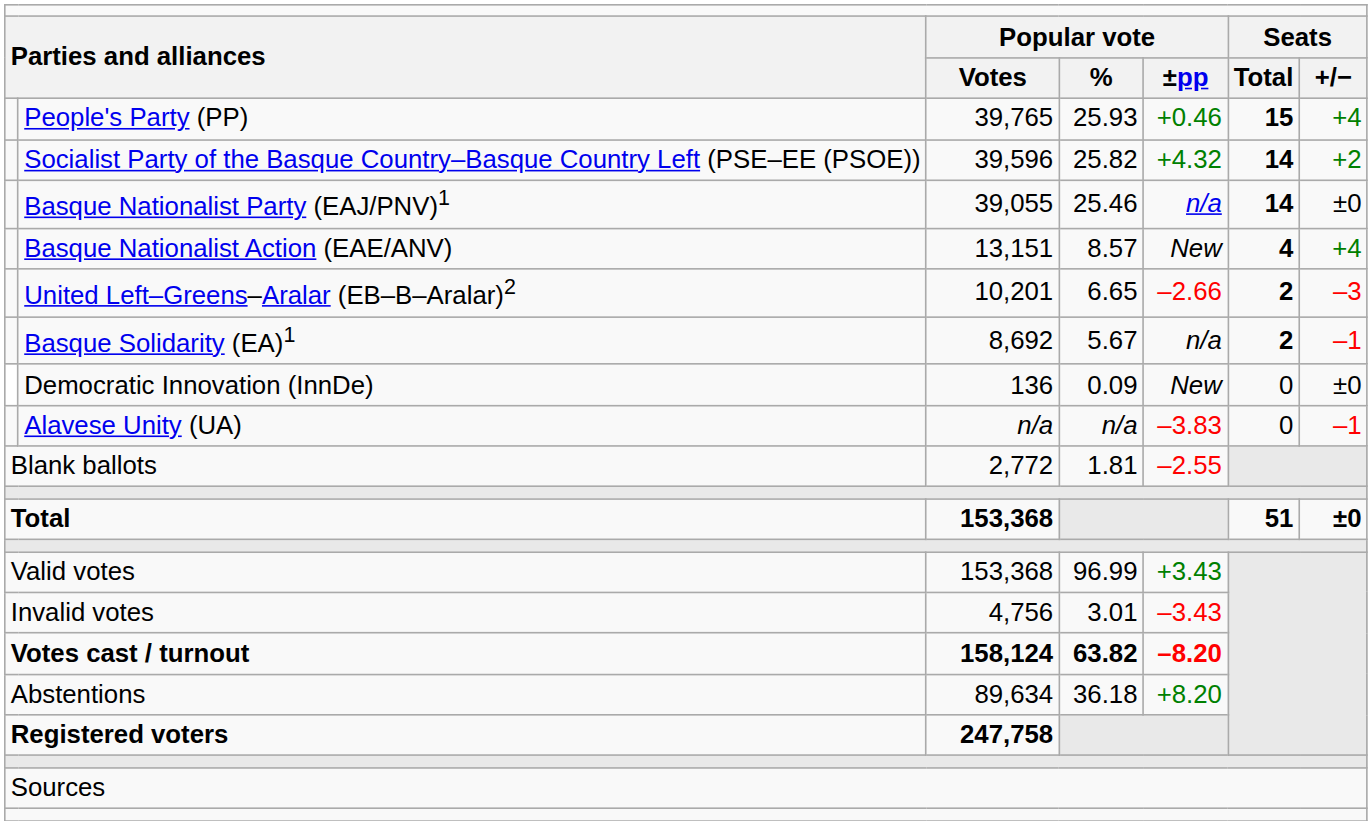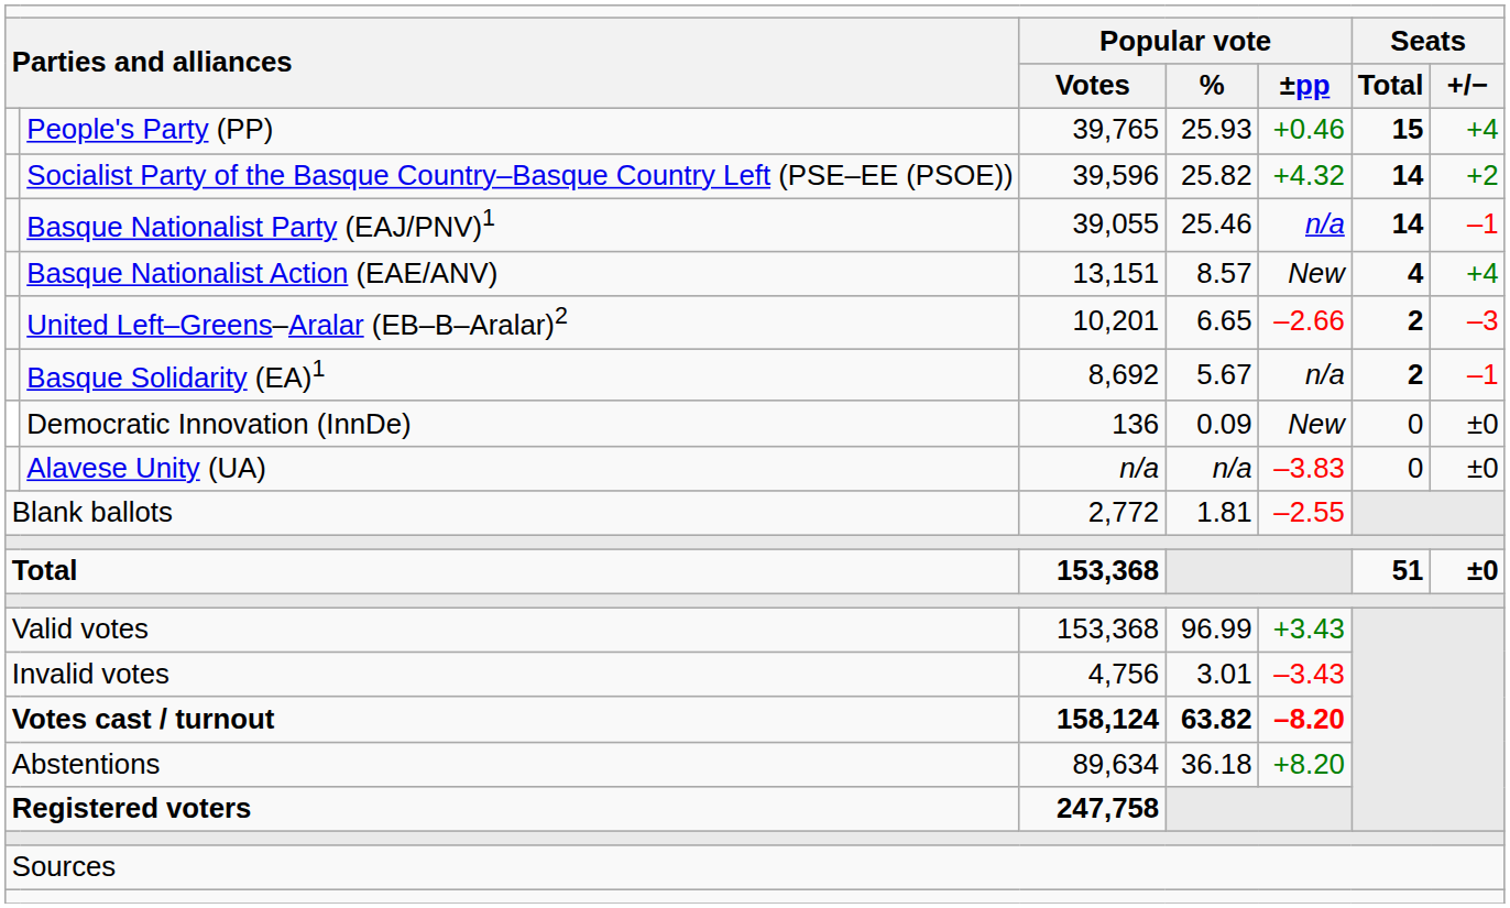 <table class="wikitable" style="text-align:right;">
 <tr>
 <td colspan="7"></td>
 </tr>
 <tr>
 <th style="text-align:left;" rowspan="2" colspan="2" width="525">Parties and alliances</th>
 <th colspan="3">Popular vote</th>
 <th colspan="2">Seats</th>
 </tr>
 <tr>
 <th width="75">Votes</th>
 <th width="45">%</th>
 <th width="45">±<a href='#'>pp</a></th>
 <th width="35">Total</th>
 <th width="35">+/−</th>
 </tr>
 <tr>
 <td width="1" style="color:inherit;background:"></td>
 <td align="left"><a href='#'>People's Party</a> (PP)</td>
 <td>39,765</td>
 <td>25.93</td>
 <td style="color:green;">+0.46</td>
 <td><strong>15</strong></td>
 <td style="color:green;">+4</td>
 </tr>
 <tr>
 <td style="color:inherit;background:"></td>
 <td align="left"><a href='#'>Socialist Party of the Basque Country–Basque Country Left</a> (PSE–EE (PSOE))</td>
 <td>39,596</td>
 <td>25.82</td>
 <td style="color:green;">+4.32</td>
 <td><strong>14</strong></td>
 <td style="color:green;">+2</td>
 </tr>
 <tr>
 <td style="color:inherit;background:"></td>
 <td align="left"><a href='#'>Basque Nationalist Party</a> (EAJ/PNV)<sup>1</sup></td>
 <td>39,055</td>
 <td>25.46</td>
 <td><em><a href='#'>n/a</a></em></td>
 <td><strong>14</strong></td>
-<td>±0</td>
+<td style="color:red;">–1</td>
 </tr>
 <tr>
 <td style="color:inherit;background:"></td>
 <td align="left"><a href='#'>Basque Nationalist Action</a> (EAE/ANV)</td>
 <td>13,151</td>
 <td>8.57</td>
 <td><em>New</em></td>
 <td><strong>4</strong></td>
 <td style="color:green;">+4</td>
 </tr>
 <tr>
 <td style="color:inherit;background:"></td>
 <td align="left"><a href='#'>United Left–Greens</a>–<a href='#'>Aralar</a> (EB–B–Aralar)<sup>2</sup></td>
 <td>10,201</td>
 <td>6.65</td>
 <td style="color:red;">–2.66</td>
 <td><strong>2</strong></td>
 <td style="color:red;">–3</td>
 </tr>
 <tr>
 <td style="color:inherit;background:"></td>
 <td align="left"><a href='#'>Basque Solidarity</a> (EA)<sup>1</sup></td>
 <td>8,692</td>
 <td>5.67</td>
 <td><em>n/a</em></td>
 <td><strong>2</strong></td>
 <td style="color:red;">–1</td>
 </tr>
 <tr>
 <td bgcolor="white"></td>
 <td align="left">Democratic Innovation (InnDe)</td>
 <td>136</td>
 <td>0.09</td>
 <td><em>New</em></td>
 <td>0</td>
 <td>±0</td>
 </tr>
 <tr>
 <td style="color:inherit;background:"></td>
 <td align="left"><a href='#'>Alavese Unity</a> (UA)</td>
 <td><em>n/a</em></td>
 <td><em>n/a</em></td>
 <td style="color:red;">–3.83</td>
 <td>0</td>
-<td style="color:red;">–1</td>
+<td>±0</td>
 </tr>
 <tr>
 <td align="left" colspan="2">Blank ballots</td>
 <td>2,772</td>
 <td>1.81</td>
 <td style="color:red;">–2.55</td>
 <td bgcolor="#E9E9E9" colspan="2"></td>
 </tr>
 <tr>
 <td colspan="7" bgcolor="#E9E9E9"></td>
 </tr>
 <tr style="font-weight:bold;">
 <td align="left" colspan="2">Total</td>
 <td>153,368</td>
 <td bgcolor="#E9E9E9" colspan="2"></td>
 <td>51</td>
 <td>±0</td>
 </tr>
 <tr>
 <td colspan="7" bgcolor="#E9E9E9"></td>
 </tr>
 <tr>
 <td align="left" colspan="2">Valid votes</td>
 <td>153,368</td>
 <td>96.99</td>
 <td style="color:green;">+3.43</td>
 <td bgcolor="#E9E9E9" colspan="2" rowspan="5"></td>
 </tr>
 <tr>
 <td align="left" colspan="2">Invalid votes</td>
 <td>4,756</td>
 <td>3.01</td>
 <td style="color:red;">–3.43</td>
 </tr>
 <tr style="font-weight:bold;">
 <td align="left" colspan="2">Votes cast / turnout</td>
 <td>158,124</td>
 <td>63.82</td>
 <td style="color:red;">–8.20</td>
 </tr>
 <tr>
 <td align="left" colspan="2">Abstentions</td>
 <td>89,634</td>
 <td>36.18</td>
 <td style="color:green;">+8.20</td>
 </tr>
 <tr style="font-weight:bold;">
 <td align="left" colspan="2">Registered voters</td>
 <td>247,758</td>
 <td bgcolor="#E9E9E9" colspan="2"></td>
 </tr>
 <tr>
 <td colspan="7" bgcolor="#E9E9E9"></td>
 </tr>
 <tr>
 <td align="left" colspan="7">Sources</td>
 </tr>
 <tr>
 <td colspan="7" style="text-align:left; max-width:790px;"></td>
 </tr>
 </table>
